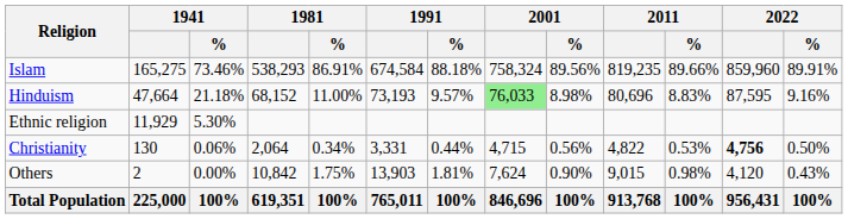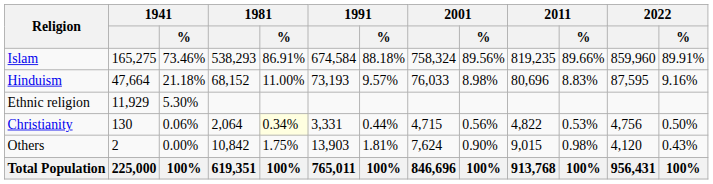 <table class="wikitable sortable">
 <tr>
 <th rowspan="2">Religion</th>
 <th colspan="2">1941</th>
 <th colspan="2">1981</th>
 <th colspan="2">1991</th>
 <th colspan="2">2001</th>
 <th colspan="2">2011</th>
 <th colspan="2">2022</th>
 </tr>
 <tr>
 <th></th>
 <th>%</th>
 <th></th>
 <th>%</th>
 <th></th>
 <th>%</th>
 <th></th>
 <th>%</th>
 <th></th>
 <th>%</th>
 <th></th>
 <th>%</th>
 </tr>
 <tr>
 <td><a href='#'>Islam</a> </td>
 <td>165,275</td>
 <td>73.46%</td>
 <td>538,293</td>
 <td>86.91%</td>
 <td>674,584</td>
 <td>88.18%</td>
 <td>758,324</td>
 <td>89.56%</td>
 <td>819,235</td>
 <td>89.66%</td>
 <td>859,960</td>
 <td>89.91%</td>
 </tr>
 <tr>
 <td><a href='#'>Hinduism</a> </td>
 <td>47,664</td>
 <td>21.18%</td>
 <td>68,152</td>
 <td>11.00%</td>
 <td>73,193</td>
 <td>9.57%</td>
-<td style="background: lightgreen;">76,033</td>
+<td>76,033</td>
 <td>8.98%</td>
 <td>80,696</td>
 <td>8.83%</td>
 <td>87,595</td>
 <td>9.16%</td>
 </tr>
 <tr>
 <td>Ethnic religion</td>
 <td>11,929</td>
 <td>5.30%</td>
 <td></td>
 <td></td>
 <td></td>
 <td></td>
 <td></td>
 <td></td>
 <td></td>
 <td></td>
 <td></td>
 <td></td>
 </tr>
 <tr>
 <td><a href='#'>Christianity</a> </td>
 <td>130</td>
 <td>0.06%</td>
 <td>2,064</td>
-<td>0.34%</td>
+<td style="background: lightyellow;">0.34%</td>
 <td>3,331</td>
 <td>0.44%</td>
 <td>4,715</td>
 <td>0.56%</td>
 <td>4,822</td>
 <td>0.53%</td>
-<td><strong>4,756</strong></td>
+<td>4,756</td>
 <td>0.50%</td>
 </tr>
 <tr>
 <td>Others</td>
 <td>2</td>
 <td>0.00%</td>
 <td>10,842</td>
 <td>1.75%</td>
 <td>13,903</td>
 <td>1.81%</td>
 <td>7,624</td>
 <td>0.90%</td>
 <td>9,015</td>
 <td>0.98%</td>
 <td>4,120</td>
 <td>0.43%</td>
 </tr>
 <tr>
 <th>Total Population</th>
 <th>225,000</th>
 <th>100%</th>
 <th>619,351</th>
 <th>100%</th>
 <th>765,011</th>
 <th>100%</th>
 <th>846,696</th>
 <th>100%</th>
 <th>913,768</th>
 <th>100%</th>
 <th>956,431</th>
 <th>100%</th>
 </tr>
 </table>
